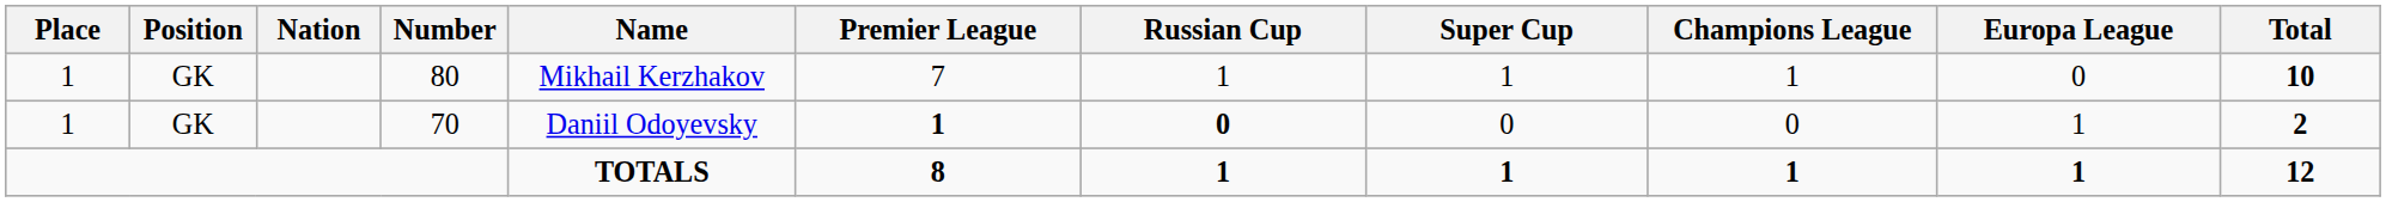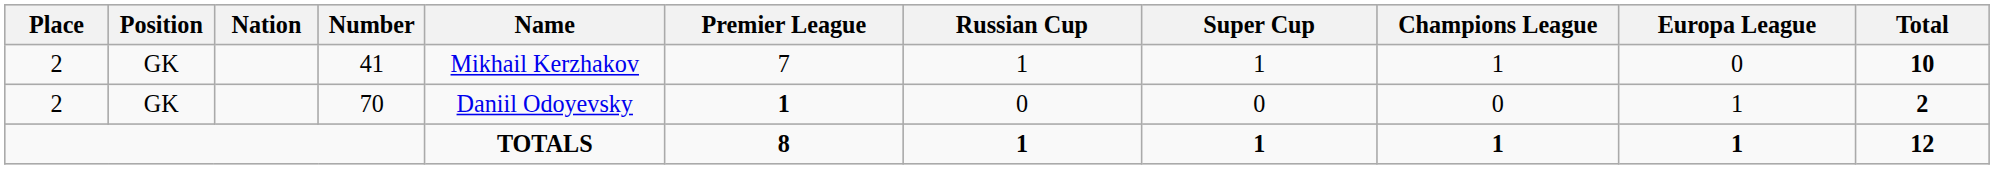 <table class="wikitable" style="font-size: 95%; text-align: center;">
 <tr>
 <th width=60>Place</th>
 <th width=60>Position</th>
 <th width=60>Nation</th>
 <th width=60>Number</th>
 <th width=150>Name</th>
 <th width=150>Premier League</th>
 <th width=150>Russian Cup</th>
 <th width=150>Super Cup</th>
 <th width=150>Champions League</th>
 <th width=150>Europa League</th>
 <th width=80><strong>Total</strong></th>
 </tr>
 <tr>
-<td>1</td>
+<td>2</td>
 <td>GK</td>
 <td></td>
-<td>80</td>
+<td>41</td>
 <td><a href='#'>Mikhail Kerzhakov</a></td>
 <td>7</td>
 <td>1</td>
 <td>1</td>
 <td>1</td>
 <td>0</td>
 <td><strong>10</strong></td>
 </tr>
 <tr>
-<td>1</td>
+<td>2</td>
 <td>GK</td>
 <td></td>
 <td>70</td>
 <td><a href='#'>Daniil Odoyevsky</a></td>
 <td><strong>1</strong></td>
-<td><strong>0</strong></td>
+<td>0</td>
 <td>0</td>
 <td>0</td>
 <td>1</td>
 <td><strong>2</strong></td>
 </tr>
 <tr>
 <td colspan="4"></td>
 <td><strong>TOTALS</strong></td>
 <td><strong>8</strong></td>
 <td><strong>1</strong></td>
 <td><strong>1</strong></td>
 <td><strong>1</strong></td>
 <td><strong>1</strong></td>
 <td><strong>12</strong></td>
 </tr>
 </table>
